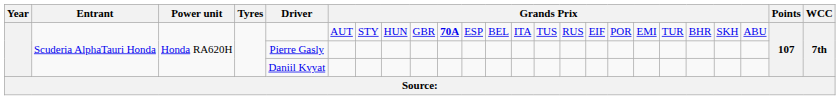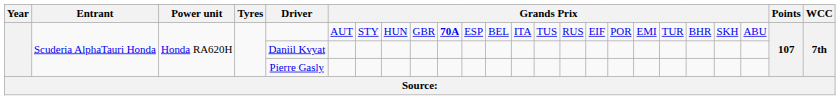 <table class="wikitable" style="text-align:center; font-size:90%">
 <tr>
 <th>Year</th>
 <th>Entrant</th>
 <th>Power unit</th>
 <th>Tyres</th>
 <th>Driver</th>
 <th colspan="17">Grands Prix</th>
 <th>Points</th>
 <th>WCC</th>
 </tr>
 <tr>
 <th rowspan="3"></th>
 <td rowspan="3"><a href='#'>Scuderia AlphaTauri Honda</a></td>
 <td rowspan="3"><a href='#'>Honda</a> RA620H</td>
 <td rowspan="3"></td>
 <td></td>
 <td><a href='#'>AUT</a></td>
 <td><a href='#'>STY</a></td>
 <td><a href='#'>HUN</a></td>
 <td><a href='#'>GBR</a></td>
 <td><strong><a href='#'>70A</a></strong></td>
 <td><a href='#'>ESP</a></td>
 <td><a href='#'>BEL</a></td>
 <td><a href='#'>ITA</a></td>
 <td><a href='#'>TUS</a></td>
 <td><a href='#'>RUS</a></td>
 <td><a href='#'>EIF</a></td>
 <td><a href='#'>POR</a></td>
 <td><a href='#'>EMI</a></td>
 <td><a href='#'>TUR</a></td>
 <td><a href='#'>BHR</a></td>
 <td><a href='#'>SKH</a></td>
 <td><a href='#'>ABU</a></td>
 <th rowspan="3">107</th>
 <th rowspan="3">7th</th>
 </tr>
 <tr>
-<td> <a href='#'>Pierre Gasly</a></td>
+<td> <a href='#'>Daniil Kvyat</a></td>
 <td></td>
 <td></td>
 <td></td>
 <td></td>
 <td></td>
 <td></td>
 <td></td>
 <td></td>
 <td></td>
 <td></td>
 <td></td>
 <td></td>
 <td></td>
 <td></td>
 <td></td>
 <td></td>
 <td></td>
 </tr>
 <tr>
-<td> <a href='#'>Daniil Kvyat</a></td>
+<td> <a href='#'>Pierre Gasly</a></td>
 <td></td>
 <td></td>
 <td></td>
 <td></td>
 <td></td>
 <td></td>
 <td></td>
 <td></td>
 <td></td>
 <td></td>
 <td></td>
 <td></td>
 <td></td>
 <td></td>
 <td></td>
 <td></td>
 <td></td>
 </tr>
 <tr>
 <th colspan=24>Source:</th>
 </tr>
 </table>
